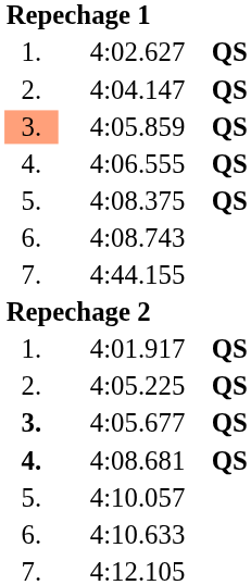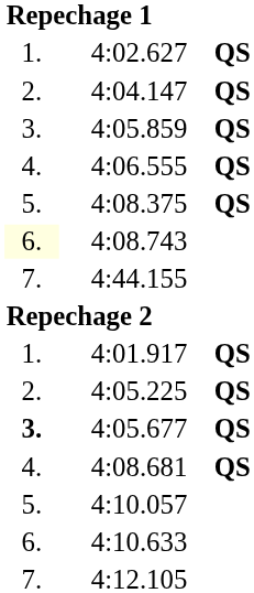 <table style="text-align:center">
 <tr>
 <td colspan=4 align=left><strong>Repechage 1</strong></td>
 </tr>
 <tr>
 <td width=30>1.</td>
 <td align=left></td>
 <td width=80>4:02.627</td>
 <td><strong>QS</strong></td>
 </tr>
 <tr>
 <td>2.</td>
 <td align=left></td>
 <td>4:04.147</td>
 <td><strong>QS</strong></td>
 </tr>
 <tr>
-<td style="background: lightsalmon;">3.</td>
+<td>3.</td>
 <td align=left></td>
 <td>4:05.859</td>
 <td><strong>QS</strong></td>
 </tr>
 <tr>
 <td>4.</td>
 <td align=left></td>
 <td>4:06.555</td>
 <td><strong>QS</strong></td>
 </tr>
 <tr>
 <td>5.</td>
 <td align=left></td>
 <td>4:08.375</td>
 <td><strong>QS</strong></td>
 </tr>
 <tr>
-<td>6.</td>
+<td style="background: lightyellow;">6.</td>
 <td align=left></td>
 <td>4:08.743</td>
 <td></td>
 </tr>
 <tr>
 <td>7.</td>
 <td align=left></td>
 <td>4:44.155</td>
 <td></td>
 </tr>
 <tr>
 <td colspan=4 align=left><strong>Repechage 2</strong></td>
 </tr>
 <tr>
 <td>1.</td>
 <td align=left></td>
 <td>4:01.917</td>
 <td><strong>QS</strong></td>
 </tr>
 <tr>
 <td>2.</td>
 <td align=left></td>
 <td>4:05.225</td>
 <td><strong>QS</strong></td>
 </tr>
 <tr>
 <td><strong>3.</strong></td>
 <td align=left></td>
 <td>4:05.677</td>
 <td><strong>QS</strong></td>
 </tr>
 <tr>
-<td><strong>4.</strong></td>
+<td>4.</td>
 <td align=left></td>
 <td>4:08.681</td>
 <td><strong>QS</strong></td>
 </tr>
 <tr>
 <td>5.</td>
 <td align=left></td>
 <td>4:10.057</td>
 <td></td>
 </tr>
 <tr>
 <td>6.</td>
 <td align=left></td>
 <td>4:10.633</td>
 <td></td>
 </tr>
 <tr>
 <td>7.</td>
 <td align=left></td>
 <td>4:12.105</td>
 <td></td>
 </tr>
 </table>
